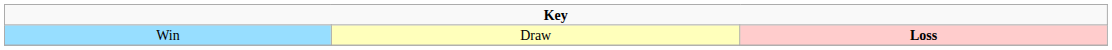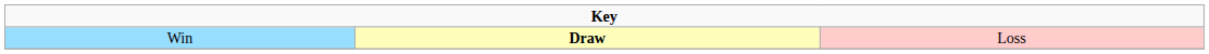 <table class="wikitable" style="text-align:center; line-height:100%; width:90%; font-size:90%">
 <tr>
 <td colspan=100% style="height:10px"><strong>Key</strong></td>
 </tr>
 <tr>
 <td style="background:#97DEFF;">Win</td>
-<td style="background:#ffb;">Draw</td>
-<td style="background:#FFCCCC;"><strong>Loss</strong></td>
+<td style="background:#ffb;"><strong>Draw</strong></td>
+<td style="background:#FFCCCC;">Loss</td>
 </tr>
 <tr>
 </tr>
 </table>
